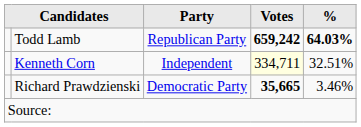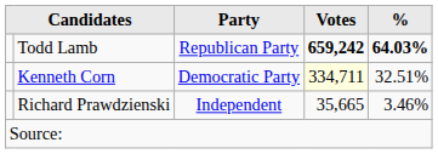 <table class=wikitable style="font-size:95%; text-align:right;">
 <tr>
 <th style="background-color:#E9E9E9" align=center colspan=2>Candidates</th>
 <th style="background-color:#E9E9E9" align=center>Party</th>
 <th style="background-color:#E9E9E9" align=center>Votes</th>
 <th style="background-color:#E9E9E9" align=center>%</th>
 </tr>
 <tr>
 <td></td>
 <td align=left>Todd Lamb</td>
 <td align=center><a href='#'>Republican Party</a></td>
 <td><strong>659,242</strong></td>
 <td><strong>64.03%</strong></td>
 </tr>
 <tr>
 <td></td>
 <td align=left><a href='#'>Kenneth Corn</a></td>
-<td align=center><a href='#'>Independent</a></td>
+<td align=center><a href='#'>Democratic Party</a></td>
 <td style="background: lightyellow;">334,711</td>
 <td>32.51%</td>
 </tr>
 <tr>
 <td></td>
 <td align=left>Richard Prawdzienski</td>
-<td align=center><a href='#'>Democratic Party</a></td>
-<td><strong>35,665</strong></td>
+<td align=center><a href='#'>Independent</a></td>
+<td>35,665</td>
 <td>3.46%</td>
 </tr>
 <tr>
 <td align="left" colspan=6>Source:  </td>
 </tr>
 </table>
